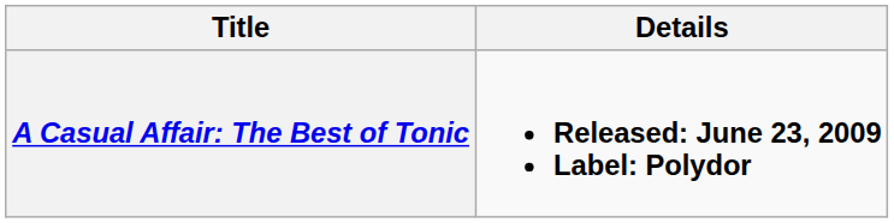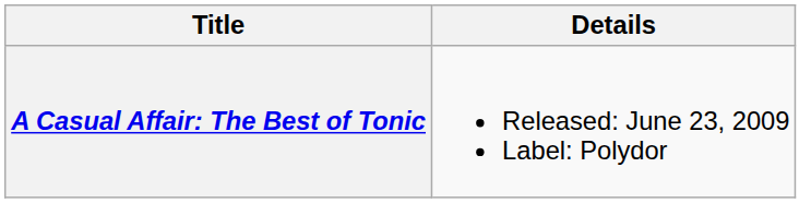 <table class="wikitable plainrowheaders">
 <tr>
 <th>Title</th>
 <th>Details</th>
 </tr>
 <tr>
 <th scope="row"><em><a href='#'>A Casual Affair: The Best of Tonic</a></em></th>
-<td><strong><br><ul><li>Released: June 23, 2009</li><li>Label: Polydor</li></ul></strong></td>
+<td><br><ul><li>Released: June 23, 2009</li><li>Label: Polydor</li></ul></td>
 </tr>
 </table>
